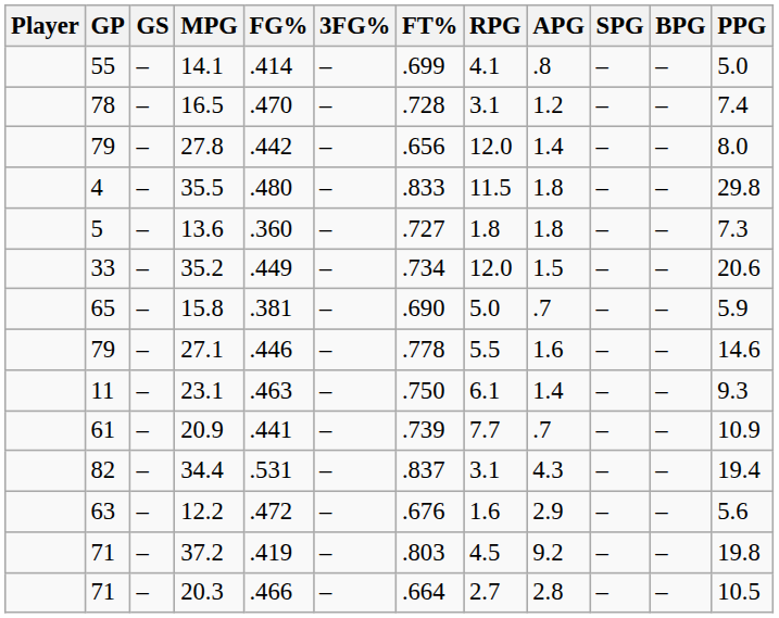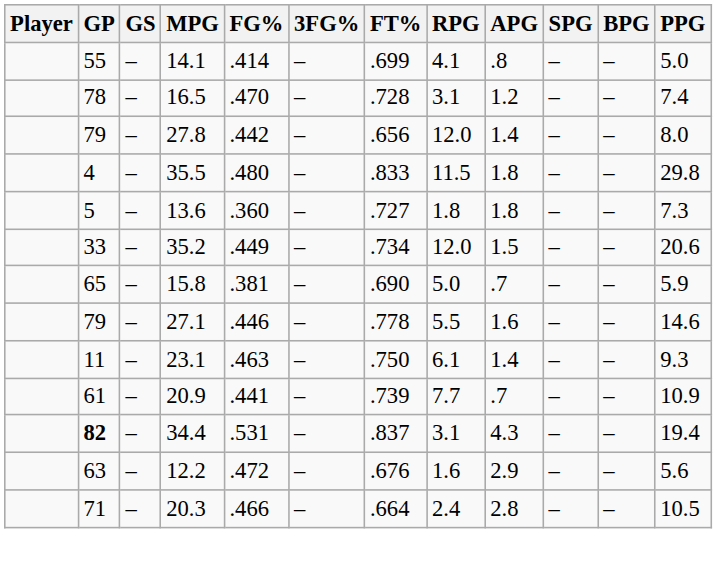 <table class="wikitable sortable" style="font-size: 90%">
 <tr>
 <th>Player</th>
 <th>GP</th>
 <th>GS</th>
 <th>MPG</th>
 <th>FG%</th>
 <th>3FG%</th>
 <th>FT%</th>
 <th>RPG</th>
 <th>APG</th>
 <th>SPG</th>
 <th>BPG</th>
 <th>PPG</th>
 </tr>
 <tr>
 <td> </td>
 <td>55</td>
 <td>–</td>
 <td>14.1</td>
 <td>.414</td>
 <td>–</td>
 <td>.699</td>
 <td>4.1</td>
 <td>.8</td>
 <td>–</td>
 <td>–</td>
 <td>5.0</td>
 </tr>
 <tr>
 <td></td>
 <td>78</td>
 <td>–</td>
 <td>16.5</td>
 <td>.470</td>
 <td>–</td>
 <td>.728</td>
 <td>3.1</td>
 <td>1.2</td>
 <td>–</td>
 <td>–</td>
 <td>7.4</td>
 </tr>
 <tr>
 <td></td>
 <td>79</td>
 <td>–</td>
 <td>27.8</td>
 <td>.442</td>
 <td>–</td>
 <td>.656</td>
 <td>12.0</td>
 <td>1.4</td>
 <td>–</td>
 <td>–</td>
 <td>8.0</td>
 </tr>
 <tr>
 <td></td>
 <td>4</td>
 <td>–</td>
 <td>35.5</td>
 <td>.480</td>
 <td>–</td>
 <td>.833</td>
 <td>11.5</td>
 <td>1.8</td>
 <td>–</td>
 <td>–</td>
 <td>29.8</td>
 </tr>
 <tr>
 <td></td>
 <td>5</td>
 <td>–</td>
 <td>13.6</td>
 <td>.360</td>
 <td>–</td>
 <td>.727</td>
 <td>1.8</td>
 <td>1.8</td>
 <td>–</td>
 <td>–</td>
 <td>7.3</td>
 </tr>
 <tr>
 <td></td>
 <td>33</td>
 <td>–</td>
 <td>35.2</td>
 <td>.449</td>
 <td>–</td>
 <td>.734</td>
 <td>12.0</td>
 <td>1.5</td>
 <td>–</td>
 <td>–</td>
 <td>20.6</td>
 </tr>
 <tr>
 <td></td>
 <td>65</td>
 <td>–</td>
 <td>15.8</td>
 <td>.381</td>
 <td>–</td>
 <td>.690</td>
 <td>5.0</td>
 <td>.7</td>
 <td>–</td>
 <td>–</td>
 <td>5.9</td>
 </tr>
 <tr>
 <td></td>
 <td>79</td>
 <td>–</td>
 <td>27.1</td>
 <td>.446</td>
 <td>–</td>
 <td>.778</td>
 <td>5.5</td>
 <td>1.6</td>
 <td>–</td>
 <td>–</td>
 <td>14.6</td>
 </tr>
 <tr>
 <td></td>
 <td>11</td>
 <td>–</td>
 <td>23.1</td>
 <td>.463</td>
 <td>–</td>
 <td>.750</td>
 <td>6.1</td>
 <td>1.4</td>
 <td>–</td>
 <td>–</td>
 <td>9.3</td>
 </tr>
 <tr>
 <td></td>
 <td>61</td>
 <td>–</td>
 <td>20.9</td>
 <td>.441</td>
 <td>–</td>
 <td>.739</td>
 <td>7.7</td>
 <td>.7</td>
 <td>–</td>
 <td>–</td>
 <td>10.9</td>
 </tr>
 <tr>
 <td></td>
-<td>82</td>
+<td><strong>82</strong></td>
 <td>–</td>
 <td>34.4</td>
 <td>.531</td>
 <td>–</td>
 <td>.837</td>
 <td>3.1</td>
 <td>4.3</td>
 <td>–</td>
 <td>–</td>
 <td>19.4</td>
 </tr>
 <tr>
 <td></td>
 <td>63</td>
 <td>–</td>
 <td>12.2</td>
 <td>.472</td>
 <td>–</td>
 <td>.676</td>
 <td>1.6</td>
 <td>2.9</td>
 <td>–</td>
 <td>–</td>
 <td>5.6</td>
 </tr>
 <tr>
 <td></td>
 <td>71</td>
 <td>–</td>
-<td>37.2</td>
-<td>.419</td>
-<td>–</td>
-<td>.803</td>
-<td>4.5</td>
-<td>9.2</td>
-<td>–</td>
-<td>–</td>
-<td>19.8</td>
-</tr>
-<tr>
-<td></td>
-<td>71</td>
-<td>–</td>
 <td>20.3</td>
 <td>.466</td>
 <td>–</td>
 <td>.664</td>
-<td>2.7</td>
+<td>2.4</td>
 <td>2.8</td>
 <td>–</td>
 <td>–</td>
 <td>10.5</td>
 </tr>
 </table>
